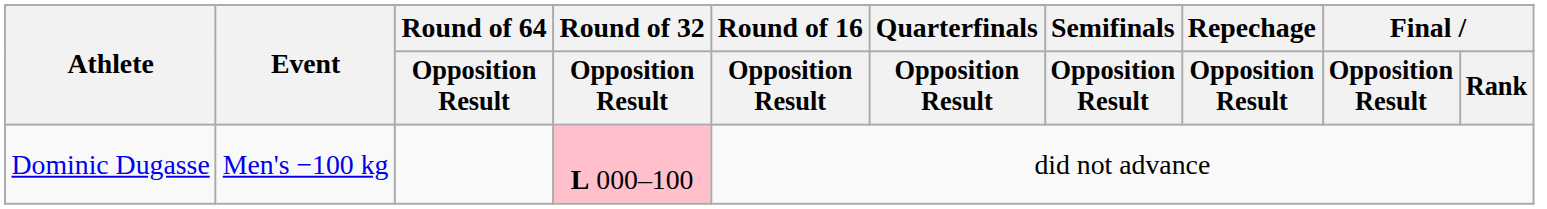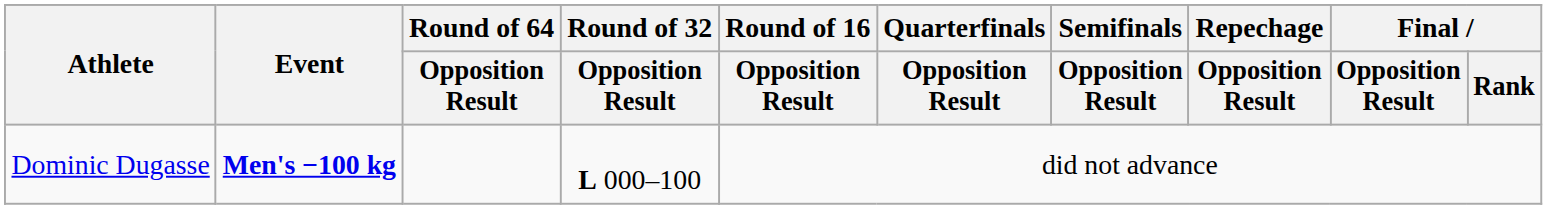 <table class="wikitable" style="font-size:90%">
 <tr>
 <th rowspan="2">Athlete</th>
 <th rowspan="2">Event</th>
 <th>Round of 64</th>
 <th>Round of 32</th>
 <th>Round of 16</th>
 <th>Quarterfinals</th>
 <th>Semifinals</th>
 <th>Repechage</th>
 <th colspan=2>Final / </th>
 </tr>
 <tr style="font-size:95%">
 <th>Opposition<br>Result</th>
 <th>Opposition<br>Result</th>
 <th>Opposition<br>Result</th>
 <th>Opposition<br>Result</th>
 <th>Opposition<br>Result</th>
 <th>Opposition<br>Result</th>
 <th>Opposition<br>Result</th>
 <th>Rank</th>
 </tr>
 <tr align=center>
 <td align=left><a href='#'>Dominic Dugasse</a></td>
-<td align=left><a href='#'>Men's −100 kg</a></td>
+<td align=left><strong><a href='#'>Men's −100 kg</a></strong></td>
 <td></td>
-<td style="background: pink;"><br><strong>L</strong> 000–100</td>
+<td><br><strong>L</strong> 000–100</td>
 <td colspan=6>did not advance</td>
 </tr>
 </table>
